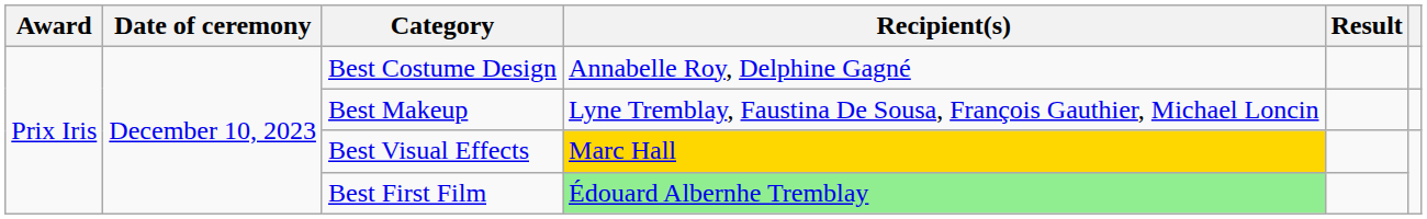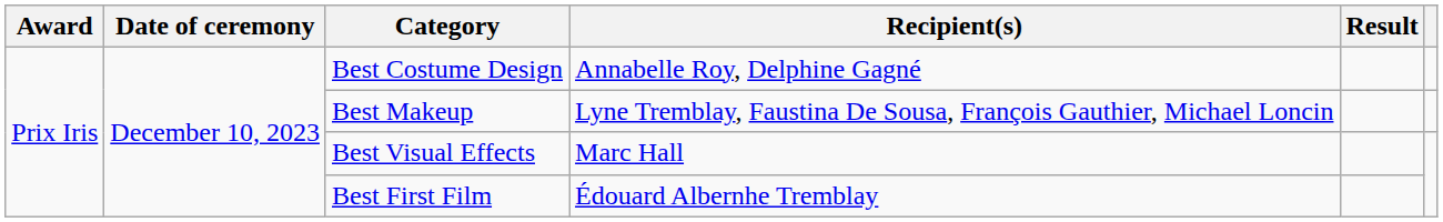 <table class="wikitable plainrowheaders sortable">
 <tr>
 <th scope="col">Award</th>
 <th scope="col">Date of ceremony</th>
 <th scope="col">Category</th>
 <th scope="col">Recipient(s)</th>
 <th scope="col">Result</th>
 <th scope="col" class="unsortable"></th>
 </tr>
 <tr>
 <td rowspan=4><a href='#'>Prix Iris</a></td>
 <td rowspan=4><a href='#'>December 10, 2023</a></td>
 <td><a href='#'>Best Costume Design</a></td>
 <td><a href='#'>Annabelle Roy</a>, <a href='#'>Delphine Gagné</a></td>
 <td></td>
 <td></td>
 </tr>
 <tr>
 <td><a href='#'>Best Makeup</a></td>
 <td><a href='#'>Lyne Tremblay</a>, <a href='#'>Faustina De Sousa</a>, <a href='#'>François Gauthier</a>, <a href='#'>Michael Loncin</a></td>
 <td></td>
 <td></td>
 </tr>
 <tr>
 <td><a href='#'>Best Visual Effects</a></td>
-<td style="background: gold;"><a href='#'>Marc Hall</a></td>
+<td><a href='#'>Marc Hall</a></td>
 <td></td>
 <td rowspan=2></td>
 </tr>
 <tr>
 <td><a href='#'>Best First Film</a></td>
-<td style="background: lightgreen;"><a href='#'>Édouard Albernhe Tremblay</a></td>
+<td><a href='#'>Édouard Albernhe Tremblay</a></td>
 <td></td>
 </tr>
 </table>
